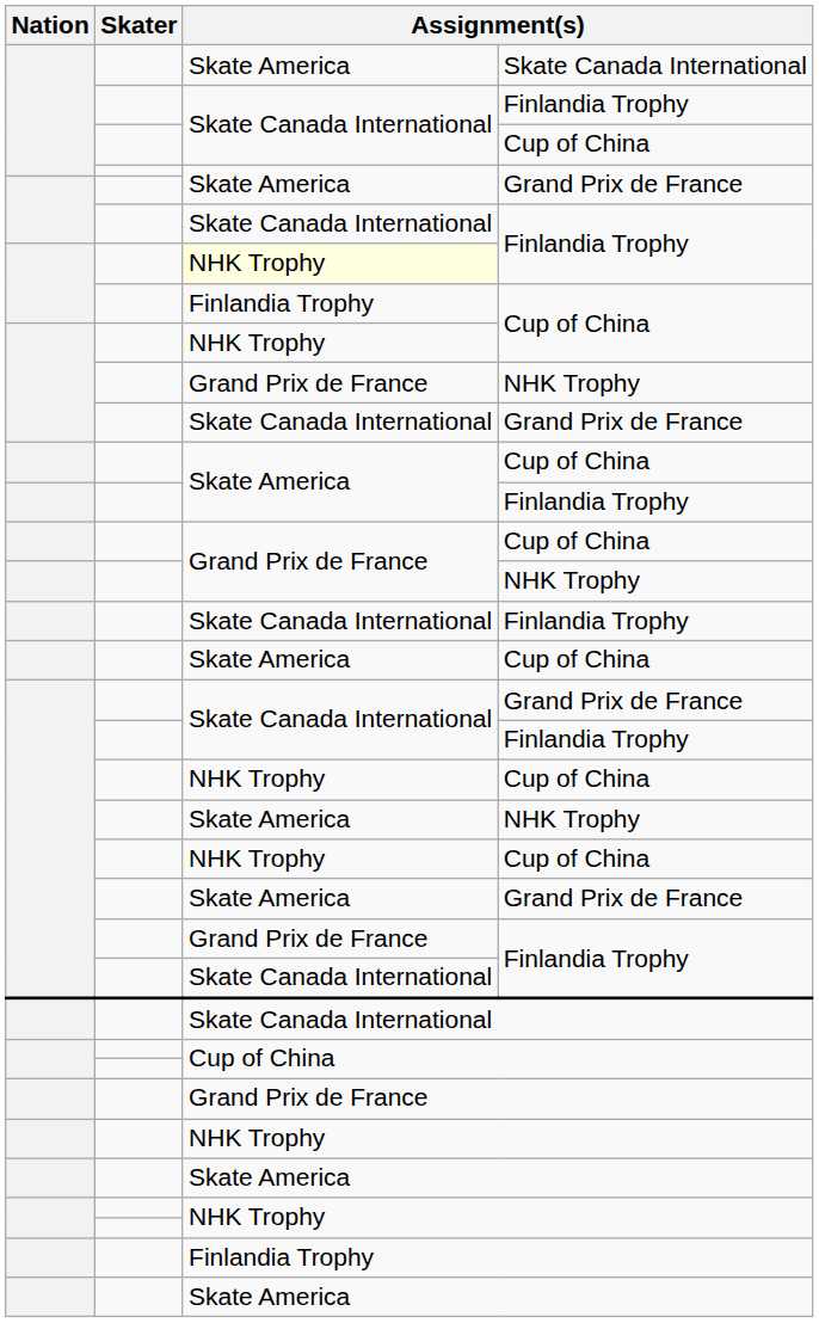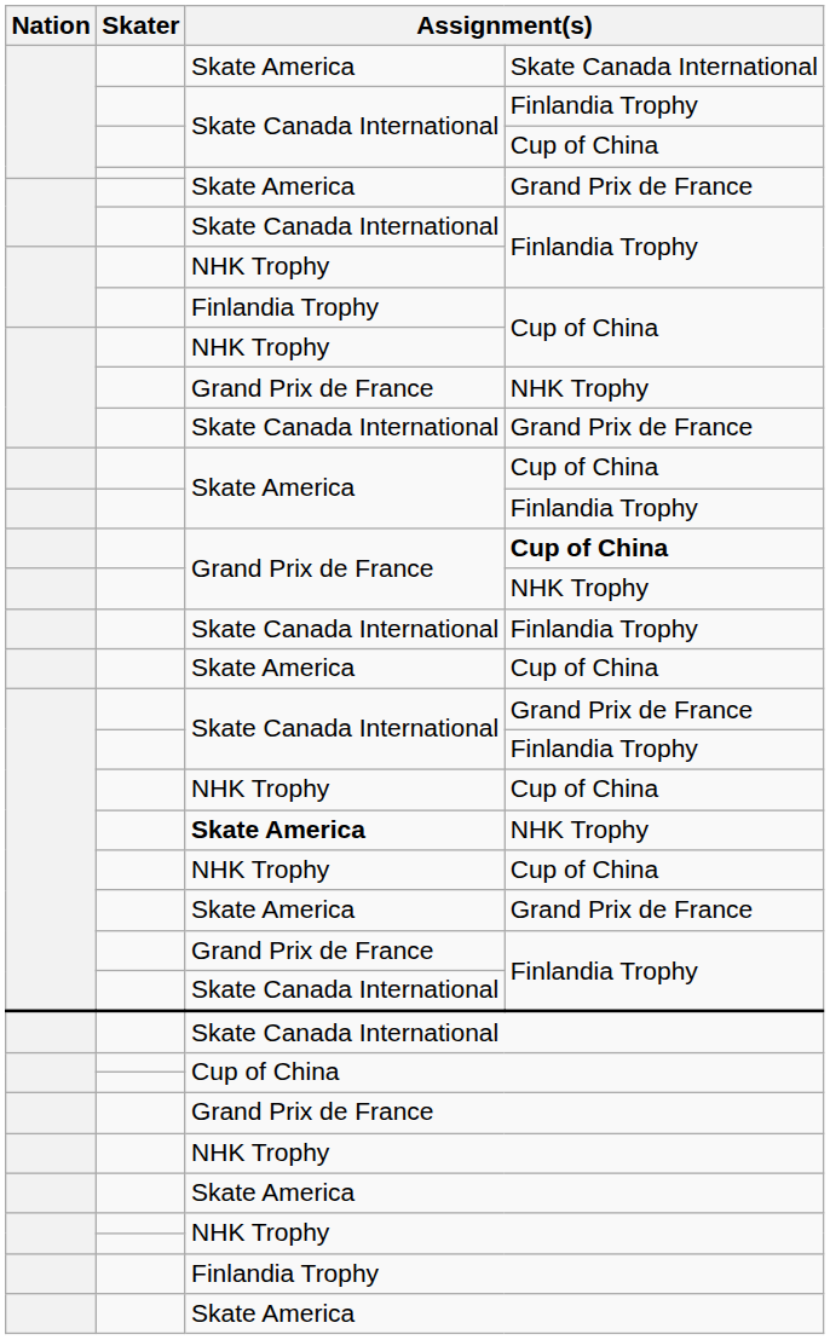 <table class="wikitable unsortable" style="text-align:left">
 <tr>
 <th scope="col">Nation</th>
 <th scope="col">Skater</th>
 <th scope="col" colspan="2">Assignment(s)</th>
 </tr>
 <tr>
 <th rowspan="4" scope="row" style="text-align:left"></th>
 <td></td>
 <td>Skate America</td>
 <td>Skate Canada International</td>
 </tr>
 <tr>
 <td></td>
 <td rowspan="2">Skate Canada International</td>
 <td>Finlandia Trophy</td>
 </tr>
 <tr>
 <td></td>
 <td>Cup of China</td>
 </tr>
 <tr>
 <td></td>
 <td rowspan="2">Skate America</td>
 <td rowspan="2">Grand Prix de France</td>
 </tr>
 <tr>
 <th rowspan="2" scope="row" style="text-align:left"></th>
 <td></td>
 </tr>
 <tr>
 <td></td>
 <td>Skate Canada International</td>
 <td rowspan="2">Finlandia Trophy</td>
 </tr>
 <tr>
 <th rowspan="2" scope="row" style="text-align:left"></th>
 <td></td>
-<td style="background: lightyellow;">NHK Trophy</td>
+<td>NHK Trophy</td>
 </tr>
 <tr>
 <td></td>
 <td>Finlandia Trophy</td>
 <td rowspan="2">Cup of China</td>
 </tr>
 <tr>
 <th rowspan="3" scope="row" style="text-align:left"></th>
 <td></td>
 <td>NHK Trophy</td>
 </tr>
 <tr>
 <td></td>
 <td>Grand Prix de France</td>
 <td>NHK Trophy</td>
 </tr>
 <tr>
 <td></td>
 <td>Skate Canada International</td>
 <td>Grand Prix de France</td>
 </tr>
 <tr>
 <th scope="row" style="text-align:left"></th>
 <td></td>
 <td rowspan="2">Skate America</td>
 <td>Cup of China</td>
 </tr>
 <tr>
 <th scope="row" style="text-align:left"></th>
 <td></td>
 <td>Finlandia Trophy</td>
 </tr>
 <tr>
 <th scope="row" style="text-align:left"></th>
 <td></td>
 <td rowspan="2">Grand Prix de France</td>
-<td>Cup of China</td>
+<td><strong>Cup of China</strong></td>
 </tr>
 <tr>
 <th scope="row" style="text-align:left"></th>
 <td></td>
 <td>NHK Trophy</td>
 </tr>
 <tr>
 <th scope="row" style="text-align:left"></th>
 <td></td>
 <td>Skate Canada International</td>
 <td>Finlandia Trophy</td>
 </tr>
 <tr>
 <th scope="row" style="text-align:left"></th>
 <td></td>
 <td>Skate America</td>
 <td>Cup of China</td>
 </tr>
 <tr>
 <th rowspan="8" scope="row" style="text-align:left"></th>
 <td></td>
 <td rowspan="2">Skate Canada International</td>
 <td>Grand Prix de France</td>
 </tr>
 <tr>
 <td></td>
 <td>Finlandia Trophy</td>
 </tr>
 <tr>
 <td></td>
 <td>NHK Trophy</td>
 <td>Cup of China</td>
 </tr>
 <tr>
 <td></td>
-<td>Skate America</td>
+<td><strong>Skate America</strong></td>
 <td>NHK Trophy</td>
 </tr>
 <tr>
 <td></td>
 <td>NHK Trophy</td>
 <td>Cup of China</td>
 </tr>
 <tr>
 <td></td>
 <td>Skate America</td>
 <td>Grand Prix de France</td>
 </tr>
 <tr>
 <td></td>
 <td>Grand Prix de France</td>
 <td rowspan="2">Finlandia Trophy</td>
 </tr>
 <tr>
 <td></td>
 <td>Skate Canada International</td>
 </tr>
 <tr style="border-top:2.5px solid">
 <th scope="row" style="text-align:left"></th>
 <td></td>
 <td colspan="2">Skate Canada International</td>
 </tr>
 <tr>
 <th scope="row" style="text-align:left" rowspan="2"></th>
 <td></td>
 <td colspan="2" rowspan="2">Cup of China</td>
 </tr>
 <tr>
 <td></td>
 </tr>
 <tr>
 <th scope="row" style="text-align:left"></th>
 <td></td>
 <td colspan="2">Grand Prix de France</td>
 </tr>
 <tr>
 <th scope="row" style="text-align:left"></th>
 <td></td>
 <td colspan="2">NHK Trophy</td>
 </tr>
 <tr>
 <th scope="row" style="text-align:left"></th>
 <td></td>
 <td colspan="2">Skate America</td>
 </tr>
 <tr>
 <th rowspan="2" scope="row" style="text-align:left"></th>
 <td></td>
 <td colspan="2" rowspan="2">NHK Trophy</td>
 </tr>
 <tr>
 <td></td>
 </tr>
 <tr>
 <th scope="row" style="text-align:left"></th>
 <td></td>
 <td colspan="2">Finlandia Trophy</td>
 </tr>
 <tr>
 <th scope="row" style="text-align:left"></th>
 <td></td>
 <td colspan=2>Skate America</td>
 </tr>
 </table>
